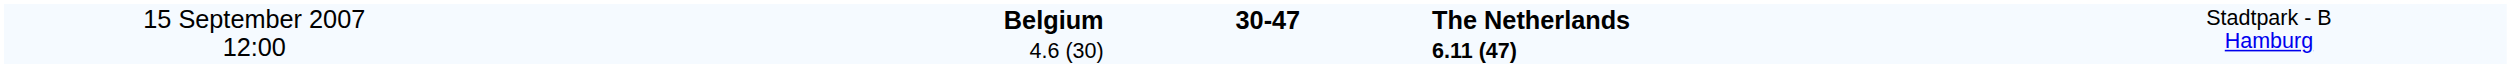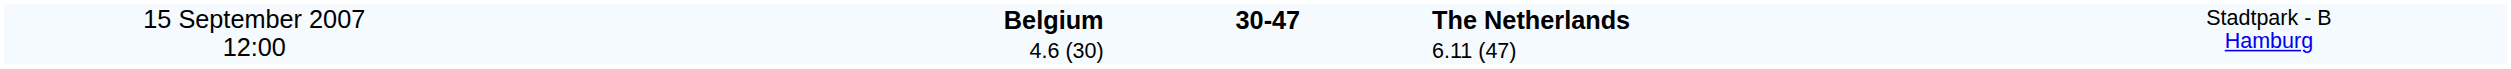 <table style="width: 100%; background:#F5FAFF;" cellspacing="0">
 <tr>
 <td align=center rowspan=3 width=20%>15 September 2007<br>12:00</td>
 </tr>
 <tr>
 <td width=24% align=right><strong>Belgium</strong></td>
 <td align=center width=13%><strong>30-47</strong></td>
 <td width=24%><strong>The Netherlands</strong></td>
 <td style=font-size:85% rowspan=3 valign=top align=center>Stadtpark - B <br><a href='#'>Hamburg</a></td>
 </tr>
 <tr style=font-size:85%>
 <td align=right>4.6 (30)</td>
 <td align=center></td>
-<td><strong>6.11 (47)</strong></td>
+<td>6.11 (47)</td>
 </tr>
 </table>
